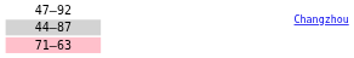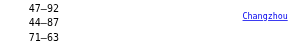 <table style="text-align:center">
 <tr>
 <th width=200></th>
 <th width=100></th>
 <th width=200></th>
 <th></th>
 </tr>
 <tr>
 <td align=right></td>
 <td>47–92</td>
 <td align=left><strong></strong></td>
 <td align=left rowspan=2><small><a href='#'>Changzhou</a></small></td>
 </tr>
 <tr>
 <td align=right></td>
-<td style="background: lightgrey;">44–87</td>
+<td>44–87</td>
 <td align=left><strong></strong></td>
 </tr>
 <tr>
 <td align=right><strong></strong></td>
-<td style="background: pink;">71–63</td>
+<td>71–63</td>
 <td align=left></td>
 </tr>
 </table>
